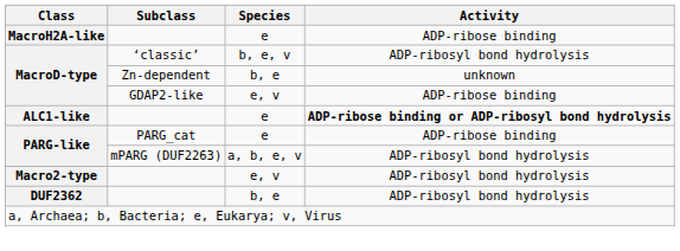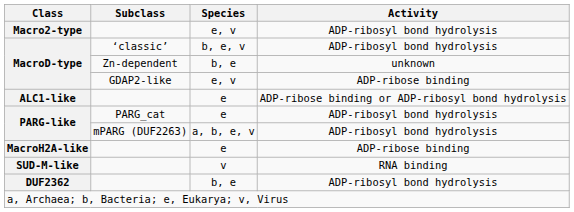 <table class="wikitable" style="text-align:center">
 <tr>
 <th>Class</th>
 <th>Subclass</th>
 <th>Species</th>
 <th>Activity</th>
 </tr>
 <tr>
-<th>MacroH2A-like</th>
+<th>Macro2-type</th>
 <td></td>
-<td>e</td>
-<td>ADP-ribose binding</td>
+<td>e, v</td>
+<td>ADP-ribosyl bond hydrolysis</td>
 </tr>
 <tr>
 <th rowspan="3">MacroD-type</th>
 <td>‘classic’</td>
 <td>b, e, v</td>
 <td>ADP-ribosyl bond hydrolysis</td>
 </tr>
 <tr>
 <td>Zn-dependent</td>
 <td>b, e</td>
 <td>unknown</td>
 </tr>
 <tr>
 <td>GDAP2-like</td>
 <td>e, v</td>
 <td>ADP-ribose binding</td>
 </tr>
 <tr>
 <th>ALC1-like</th>
 <td></td>
 <td>e</td>
-<td><strong>ADP-ribose binding or ADP-ribosyl bond hydrolysis</strong></td>
+<td>ADP-ribose binding or ADP-ribosyl bond hydrolysis</td>
 </tr>
 <tr>
 <th rowspan="2">PARG-like</th>
 <td>PARG_cat</td>
 <td>e</td>
-<td>ADP-ribose binding</td>
+<td>ADP-ribosyl bond hydrolysis</td>
 </tr>
 <tr>
 <td>mPARG (DUF2263)</td>
 <td>a, b, e, v</td>
 <td>ADP-ribosyl bond hydrolysis</td>
 </tr>
 <tr>
-<th>Macro2-type</th>
+<th>MacroH2A-like</th>
 <td></td>
-<td>e, v</td>
-<td>ADP-ribosyl bond hydrolysis</td>
+<td>e</td>
+<td>ADP-ribose binding</td>
+</tr>
+<tr>
+<th>SUD-M-like</th>
+<td></td>
+<td>v</td>
+<td>RNA binding</td>
 </tr>
 <tr>
 <th>DUF2362</th>
 <td></td>
 <td>b, e</td>
 <td>ADP-ribosyl bond hydrolysis</td>
 </tr>
 <tr>
 <td colspan="4" style="text-align:left">a, Archaea; b, Bacteria; e, Eukarya; v, Virus</td>
 </tr>
 </table>
